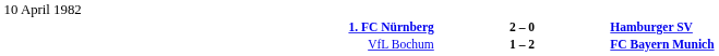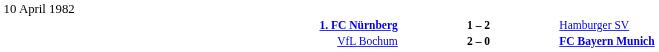 <table width=100% cellspacing=1>
 <tr>
 <th width=25%></th>
 <th width=10%></th>
 <th width=25%></th>
 <th></th>
 </tr>
 <tr>
 <td>10 April 1982</td>
 </tr>
 <tr style=font-size:90%>
 <td align=right><strong><a href='#'>1. FC Nürnberg</a></strong></td>
-<td align=center><strong>2 – 0</strong></td>
-<td><strong><a href='#'>Hamburger SV</a></strong></td>
+<td align=center><strong>1 – 2</strong></td>
+<td><a href='#'>Hamburger SV</a></td>
 </tr>
 <tr style=font-size:90%>
 <td align=right><a href='#'>VfL Bochum</a></td>
-<td align=center><strong>1 – 2</strong></td>
+<td align=center><strong>2 – 0</strong></td>
 <td><strong><a href='#'>FC Bayern Munich</a></strong></td>
 </tr>
 </table>
